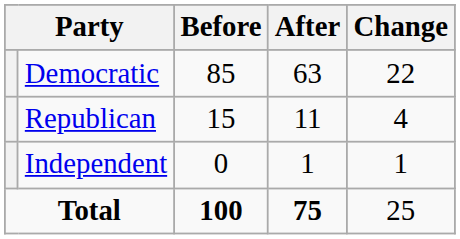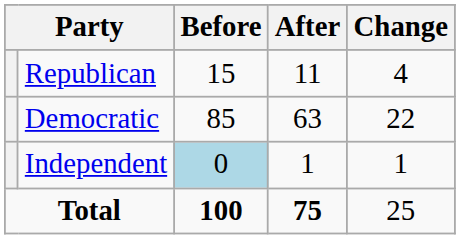 <table class="wikitable" style="text-align:center;">
 <tr>
 <th colspan="2">Party</th>
 <th>Before</th>
 <th>After</th>
 <th>Change</th>
+</tr>
+<tr>
+<th style="background-color:"></th>
+<td style="text-align:left;"><a href='#'>Republican</a></td>
+<td>15</td>
+<td>11</td>
+<td> 4</td>
 </tr>
 <tr>
 <th style="background-color:"></th>
 <td style="text-align:left;"><a href='#'>Democratic</a></td>
 <td>85</td>
 <td>63</td>
 <td> 22</td>
 </tr>
 <tr>
 <th style="background-color:"></th>
-<td style="text-align:left;"><a href='#'>Republican</a></td>
-<td>15</td>
-<td>11</td>
-<td> 4</td>
-</tr>
-<tr>
-<th style="background-color:"></th>
 <td style="text-align:left;"><a href='#'>Independent</a></td>
-<td>0</td>
+<td style="background: lightblue;">0</td>
 <td>1</td>
 <td> 1</td>
 </tr>
 <tr>
 <td colspan="2"><strong>Total</strong></td>
 <td><strong>100</strong></td>
 <td><strong>75</strong></td>
 <td> 25</td>
 </tr>
 </table>
